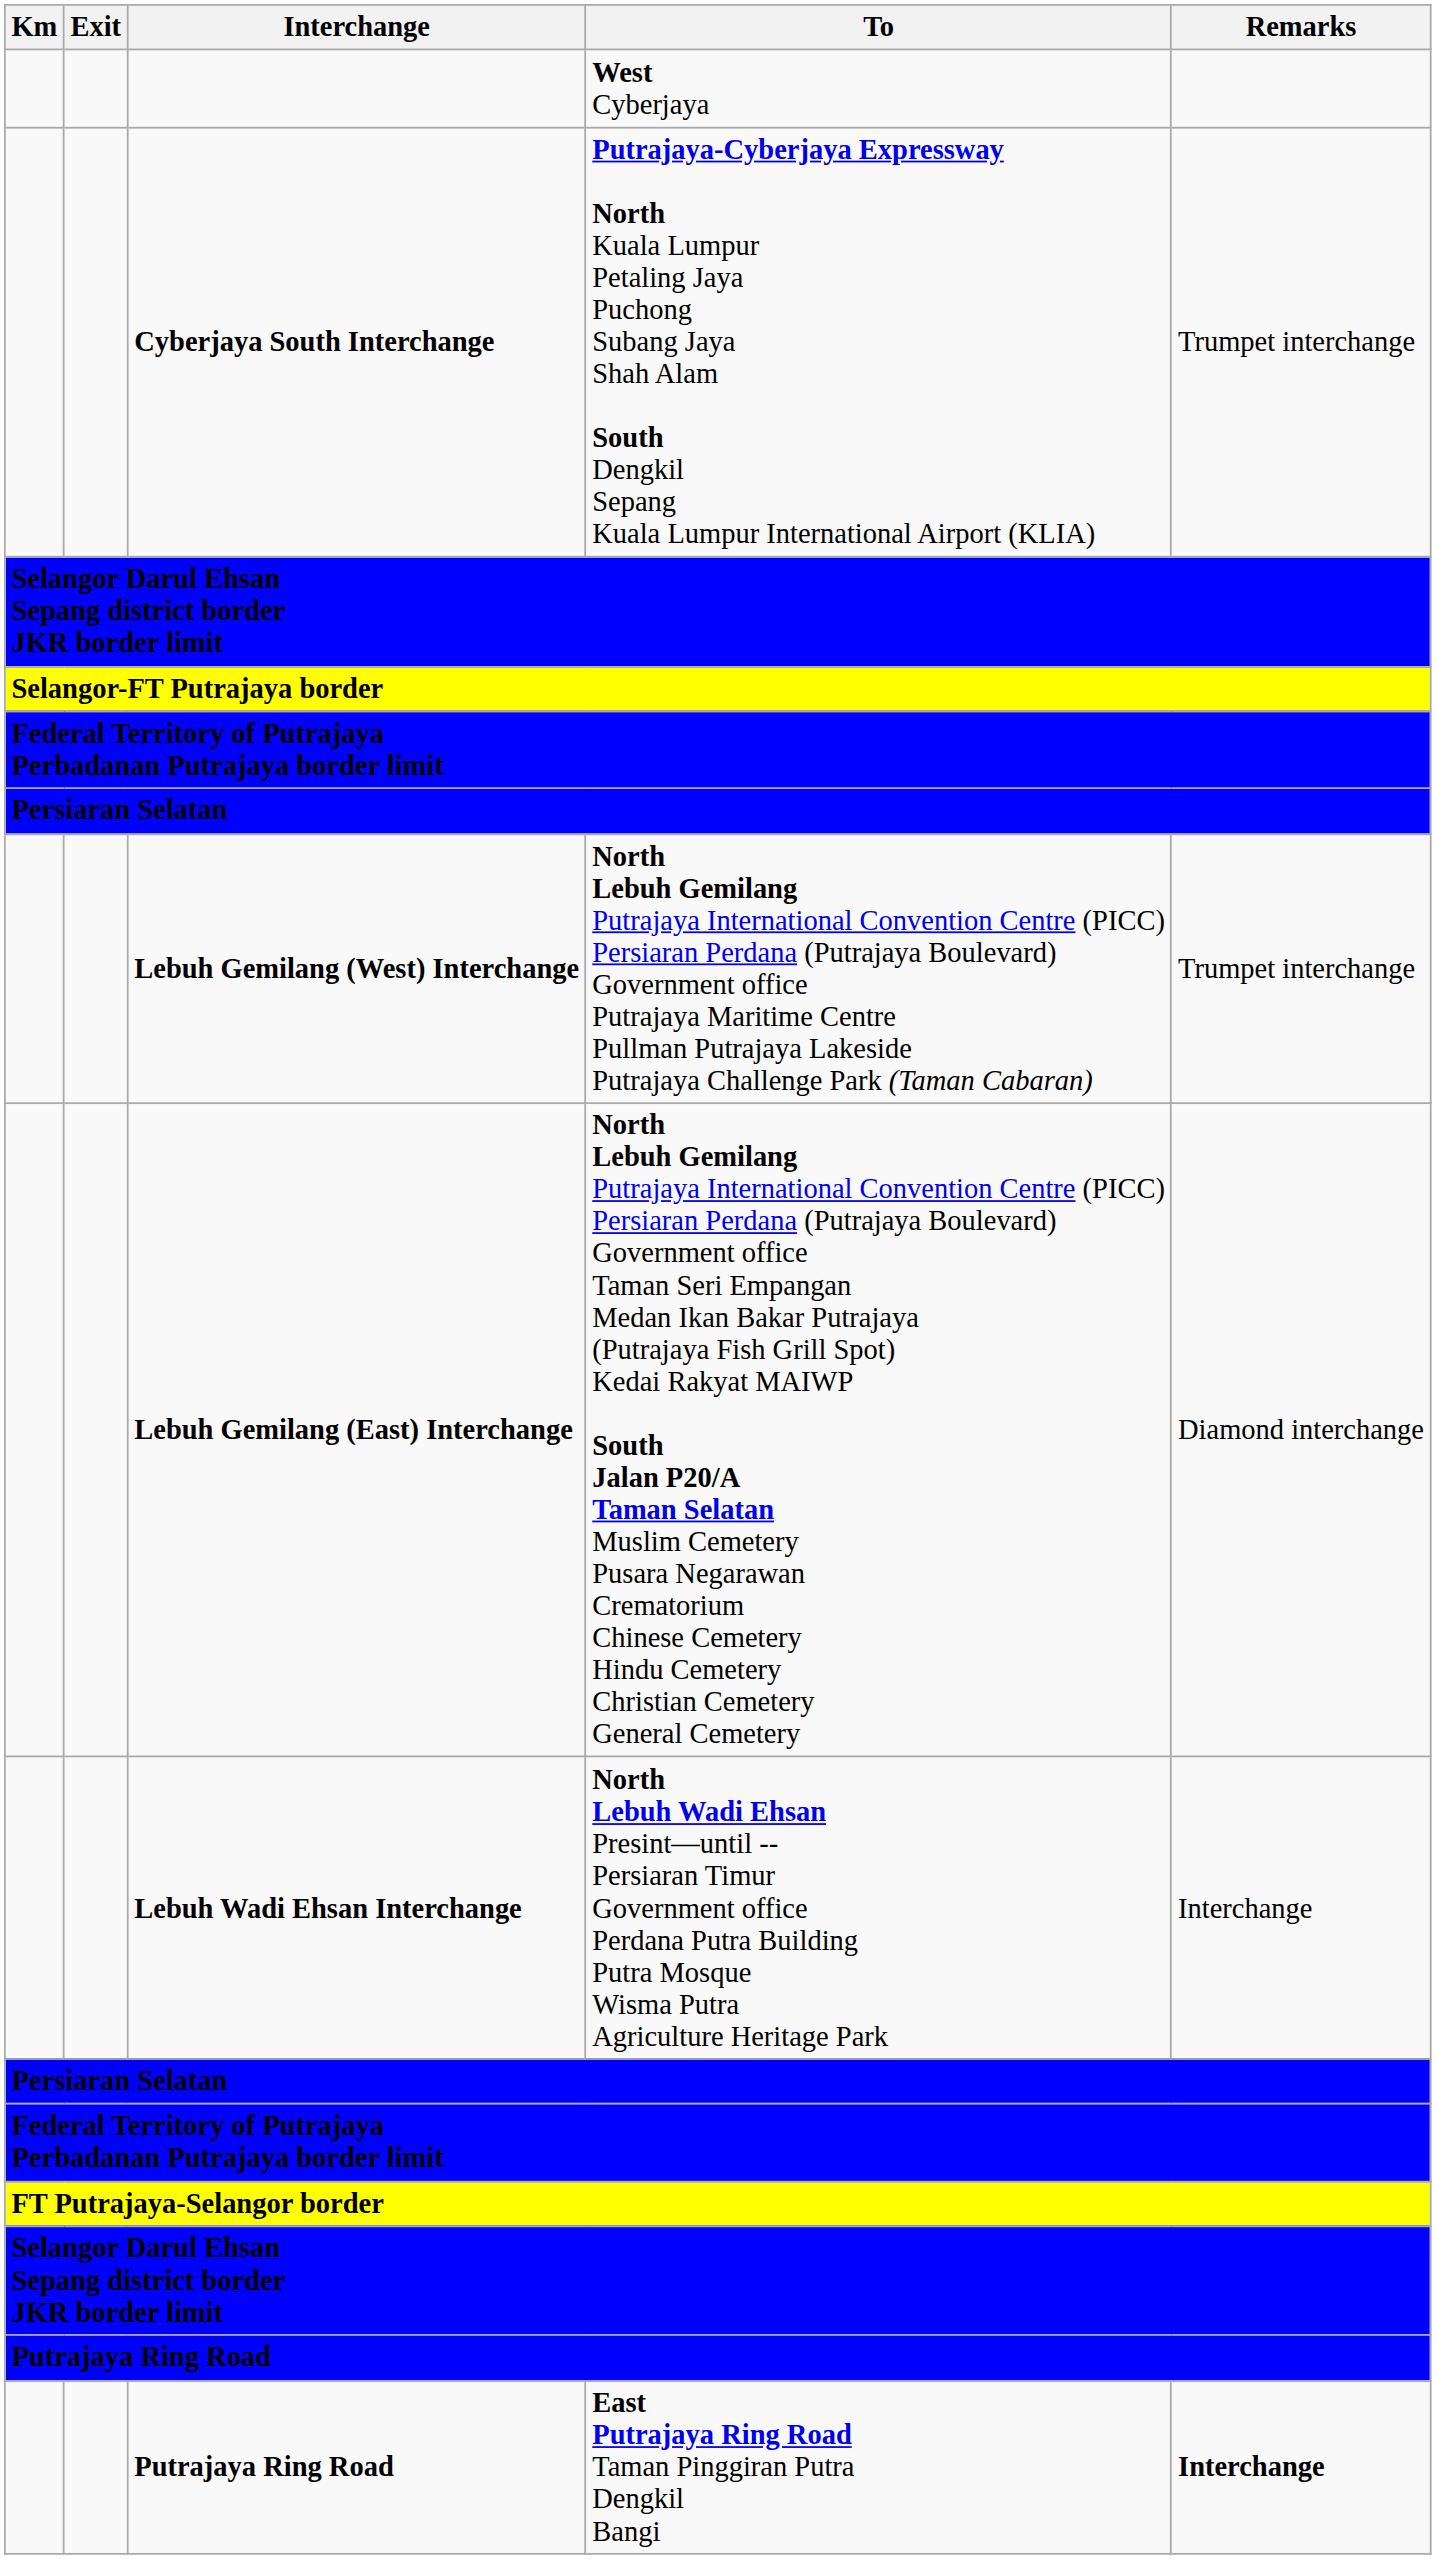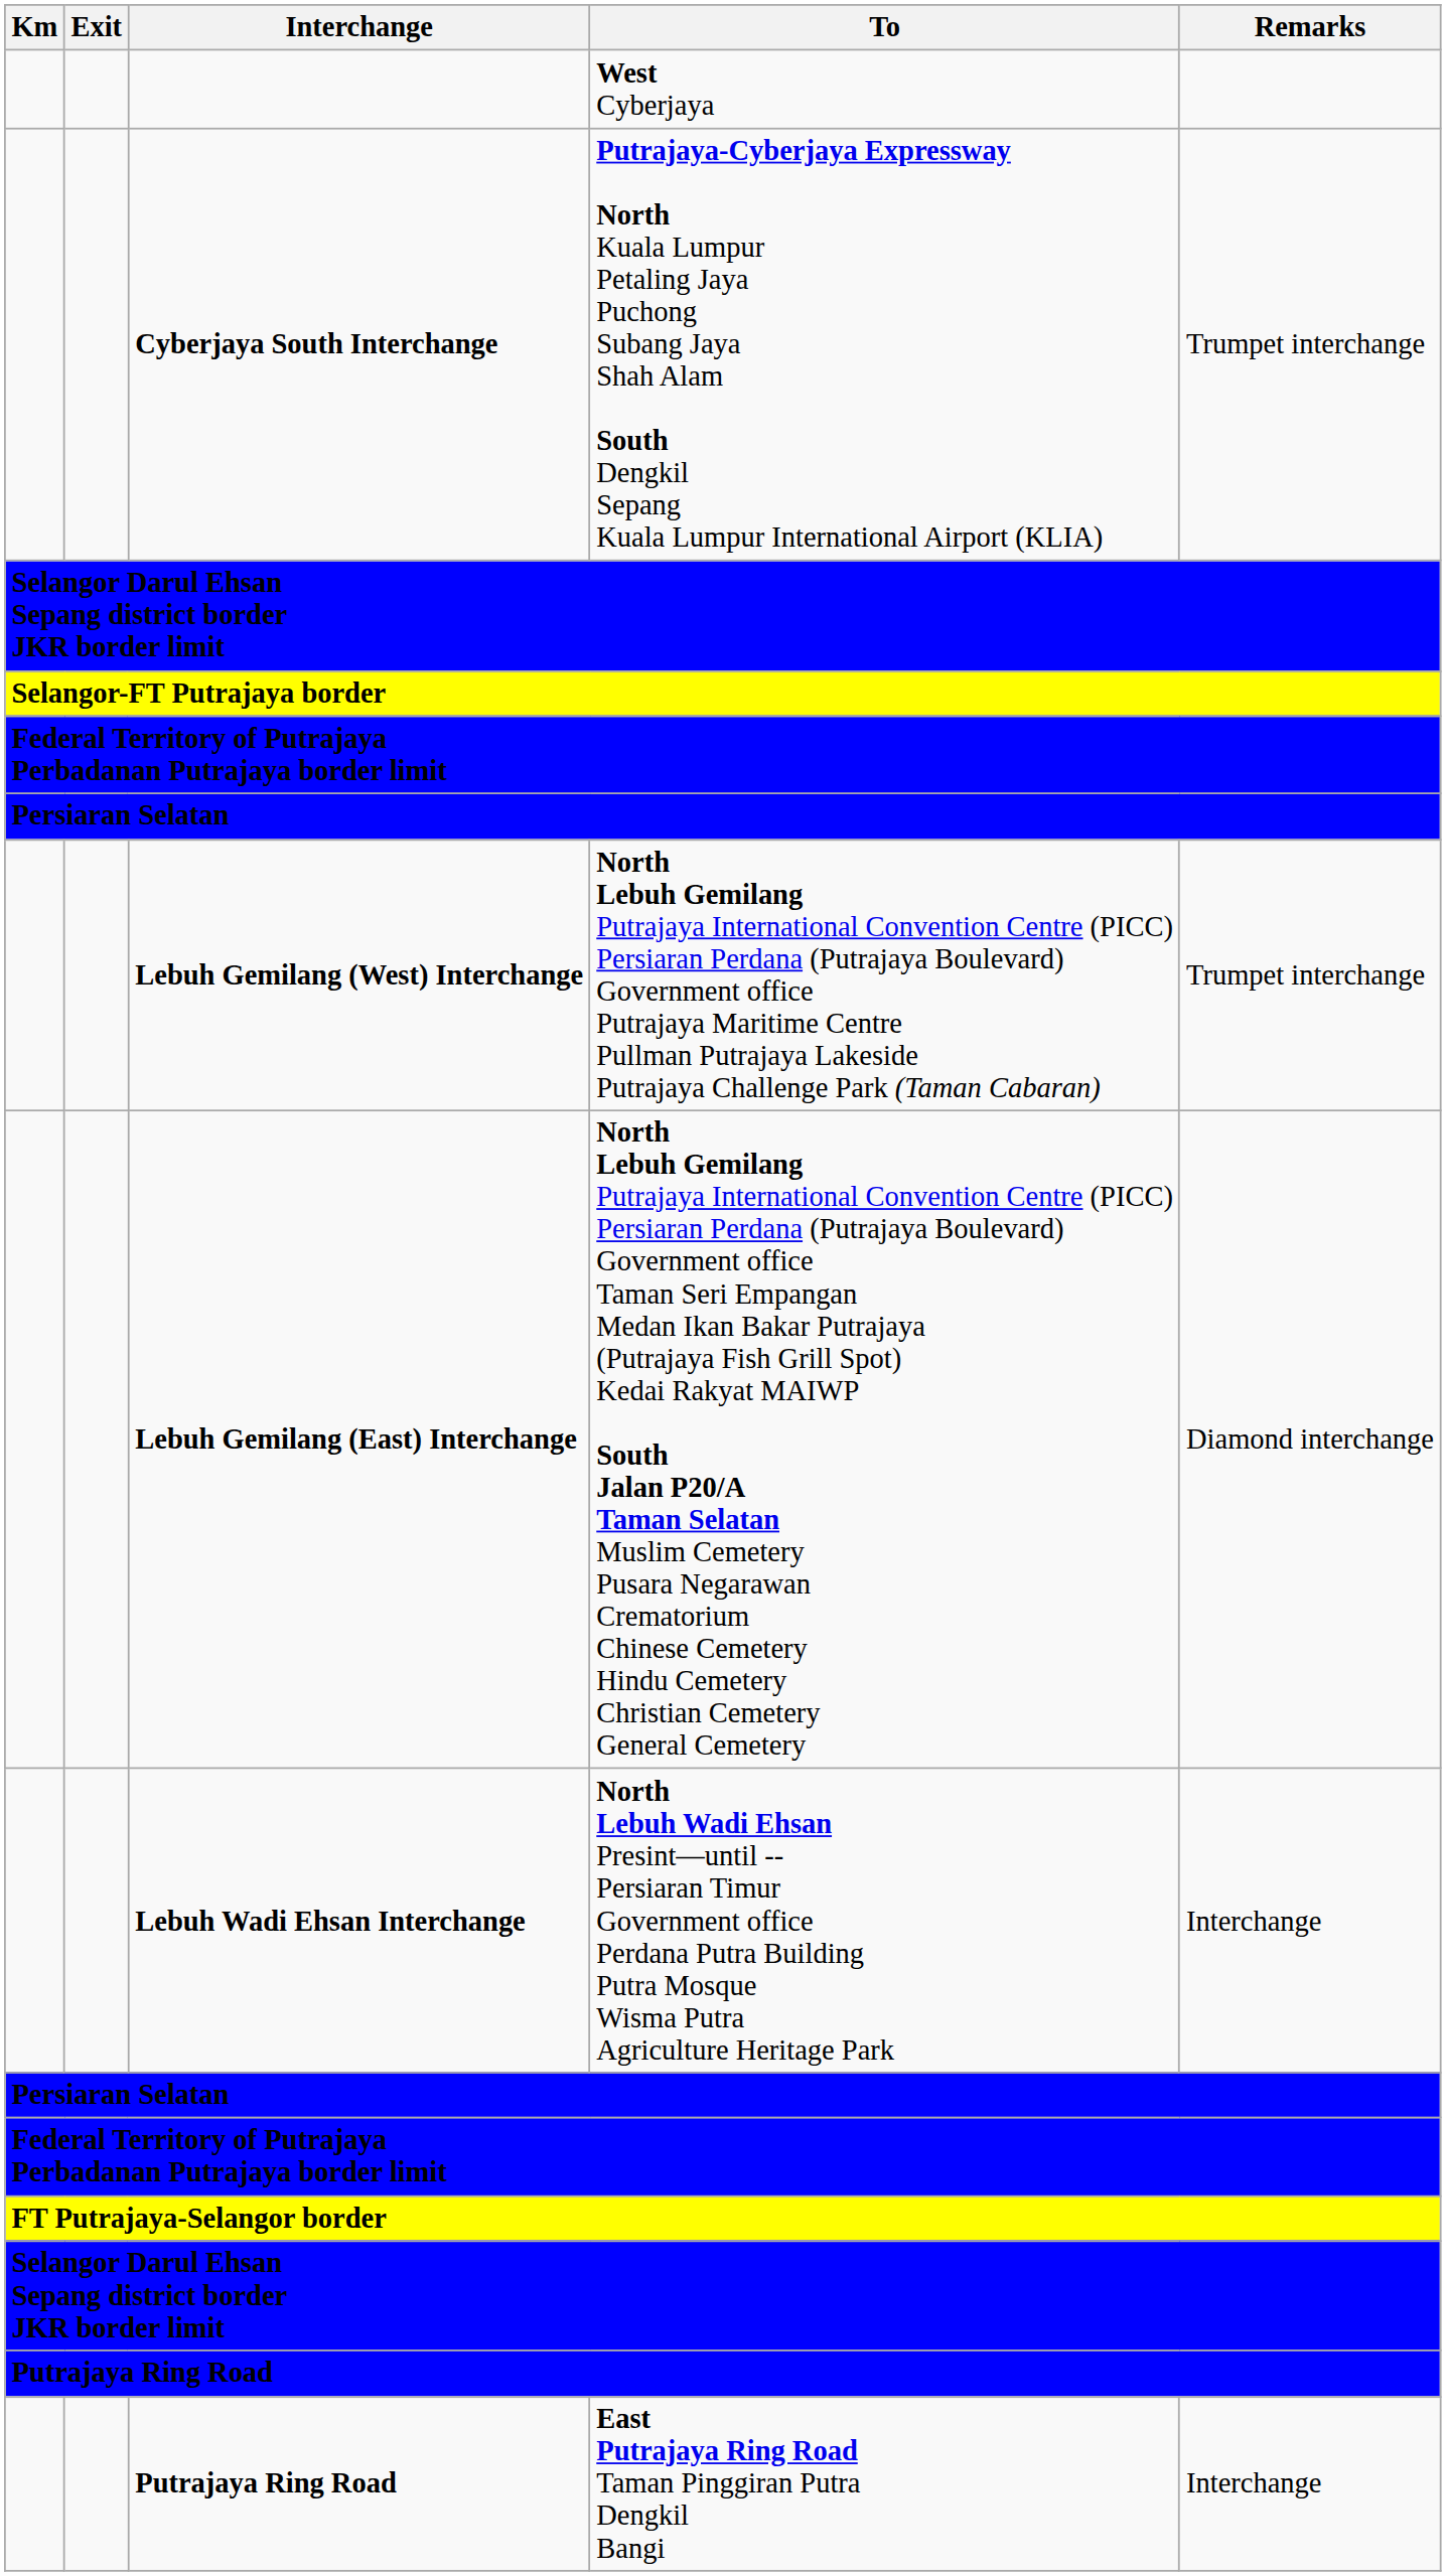 <table class="wikitable">
 <tr>
 <th>Km</th>
 <th>Exit</th>
 <th>Interchange</th>
 <th>To</th>
 <th>Remarks</th>
 </tr>
 <tr>
 <td></td>
 <td></td>
 <td></td>
 <td><strong>West</strong><br>Cyberjaya</td>
 <td></td>
 </tr>
 <tr>
 <td></td>
 <td></td>
 <td><strong>Cyberjaya South Interchange</strong></td>
 <td> <strong><a href='#'>Putrajaya-Cyberjaya Expressway</a></strong><br><br><strong>North</strong><br> Kuala Lumpur<br> Petaling Jaya<br> Puchong<br> Subang Jaya<br> Shah Alam<br><br><strong>South</strong><br> Dengkil<br> Sepang<br> Kuala Lumpur International Airport (KLIA) </td>
 <td>Trumpet interchange</td>
 </tr>
 <tr>
 <td style="width:600px" colspan="6" style="text-align:center" bgcolor="blue"><strong><span>Selangor Darul Ehsan<br>Sepang district border<br>JKR border limit</span></strong></td>
 </tr>
 <tr>
 <td style="width:600px" colspan="6" style="text-align:center" bgcolor="yellow"><strong><span>Selangor-FT Putrajaya border</span></strong></td>
 </tr>
 <tr>
 <td style="width:600px" colspan="6" style="text-align:center" bgcolor="blue"><strong><span>Federal Territory of Putrajaya<br>Perbadanan Putrajaya border limit</span></strong></td>
 </tr>
 <tr>
 <td style="width:600px" colspan="6" style="text-align:center" bgcolor="blue"><strong><span>Persiaran Selatan</span></strong></td>
 </tr>
 <tr>
 <td></td>
 <td></td>
 <td><strong>Lebuh Gemilang (West) Interchange</strong></td>
 <td><strong>North</strong><br><strong>Lebuh Gemilang</strong><br><a href='#'>Putrajaya International Convention Centre</a> (PICC)<br><a href='#'>Persiaran Perdana</a> (Putrajaya Boulevard)<br>Government office<br>Putrajaya Maritime Centre<br>Pullman Putrajaya Lakeside<br>Putrajaya Challenge Park <em>(Taman Cabaran)</em></td>
 <td>Trumpet interchange</td>
 </tr>
 <tr>
 <td></td>
 <td></td>
 <td><strong>Lebuh Gemilang (East) Interchange</strong></td>
 <td><strong>North</strong><br><strong>Lebuh Gemilang</strong><br><a href='#'>Putrajaya International Convention Centre</a> (PICC)<br><a href='#'>Persiaran Perdana</a> (Putrajaya Boulevard)<br>Government office<br>Taman Seri Empangan<br>Medan Ikan Bakar Putrajaya <br>(Putrajaya Fish Grill Spot)<br>Kedai Rakyat MAIWP<br><br><strong>South</strong><br><strong>Jalan P20/A</strong><br><strong><a href='#'>Taman Selatan</a></strong><br>Muslim Cemetery<br>Pusara Negarawan<br>Crematorium<br>Chinese Cemetery<br>Hindu Cemetery<br>Christian Cemetery<br>General Cemetery</td>
 <td>Diamond interchange</td>
 </tr>
 <tr>
 <td></td>
 <td></td>
 <td><strong>Lebuh Wadi Ehsan Interchange</strong></td>
 <td><strong>North</strong><br><strong><a href='#'>Lebuh Wadi Ehsan</a></strong><br>Presint—until --<br>Persiaran Timur<br>Government office<br>Perdana Putra Building<br>Putra Mosque<br>Wisma Putra<br>Agriculture Heritage Park</td>
 <td>Interchange</td>
 </tr>
 <tr>
 <td style="width:600px" colspan="6" style="text-align:center" bgcolor="blue"><strong><span>Persiaran Selatan</span></strong></td>
 </tr>
 <tr>
 <td style="width:600px" colspan="6" style="text-align:center" bgcolor="blue"><strong><span>Federal Territory of Putrajaya<br>Perbadanan Putrajaya border limit</span></strong></td>
 </tr>
 <tr>
 <td style="width:600px" colspan="6" style="text-align:center" bgcolor="yellow"><strong><span>FT Putrajaya-Selangor border</span></strong></td>
 </tr>
 <tr>
 <td style="width:600px" colspan="6" style="text-align:center" bgcolor="blue"><strong><span>Selangor Darul Ehsan<br>Sepang district border<br>JKR border limit</span></strong></td>
 </tr>
 <tr>
 <td style="width:600px" colspan="6" style="text-align:center" bgcolor="blue"><strong><span> Putrajaya Ring Road</span></strong></td>
 </tr>
 <tr>
 <td></td>
 <td></td>
 <td><strong>Putrajaya Ring Road</strong></td>
 <td><strong>East</strong><br> <strong><a href='#'>Putrajaya Ring Road</a></strong><br>Taman Pinggiran Putra<br>Dengkil<br>Bangi</td>
-<td><strong>Interchange</strong></td>
+<td>Interchange</td>
 </tr>
 </table>
